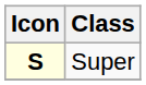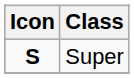 <table class="wikitable" style="font-size: 85%; display: inline-table">
 <tr>
 <th>Icon</th>
 <th>Class</th>
 </tr>
 <tr>
-<td align=center style="background: lightyellow;"><strong><span>S</span></strong></td>
+<td align=center><strong><span>S</span></strong></td>
 <td>Super</td>
 </tr>
 <tr>
 </tr>
 </table>
